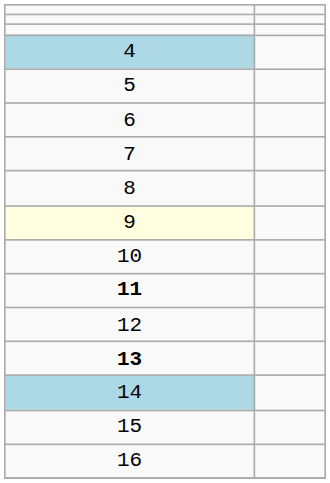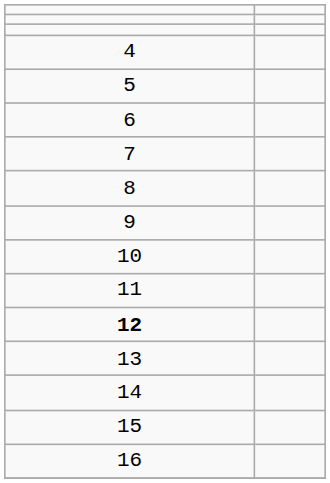 <table class="wikitable" width="200px">
 <tr>
 <td align=center></td>
 <td></td>
 </tr>
 <tr>
 <td align=center></td>
 <td></td>
 </tr>
 <tr>
 <td align=center></td>
 <td></td>
 </tr>
 <tr>
-<td align=center style="background: lightblue;">4</td>
+<td align=center>4</td>
 <td></td>
 </tr>
 <tr>
 <td align=center>5</td>
 <td></td>
 </tr>
 <tr>
 <td align=center>6</td>
 <td></td>
 </tr>
 <tr>
 <td align=center>7</td>
 <td></td>
 </tr>
 <tr>
 <td align=center>8</td>
 <td></td>
 </tr>
 <tr>
-<td align=center style="background: lightyellow;">9</td>
+<td align=center>9</td>
 <td></td>
 </tr>
 <tr>
 <td align=center>10</td>
 <td></td>
 </tr>
 <tr>
-<td align=center><strong>11</strong></td>
+<td align=center>11</td>
 <td></td>
 </tr>
 <tr>
-<td align=center>12</td>
+<td align=center><strong>12</strong></td>
 <td></td>
 </tr>
 <tr>
-<td align=center><strong>13</strong></td>
+<td align=center>13</td>
 <td></td>
 </tr>
 <tr>
-<td align=center style="background: lightblue;">14</td>
+<td align=center>14</td>
 <td></td>
 </tr>
 <tr>
 <td align=center>15</td>
 <td></td>
 </tr>
 <tr>
 <td align=center>16</td>
 <td></td>
 </tr>
 <tr>
 </tr>
 </table>
